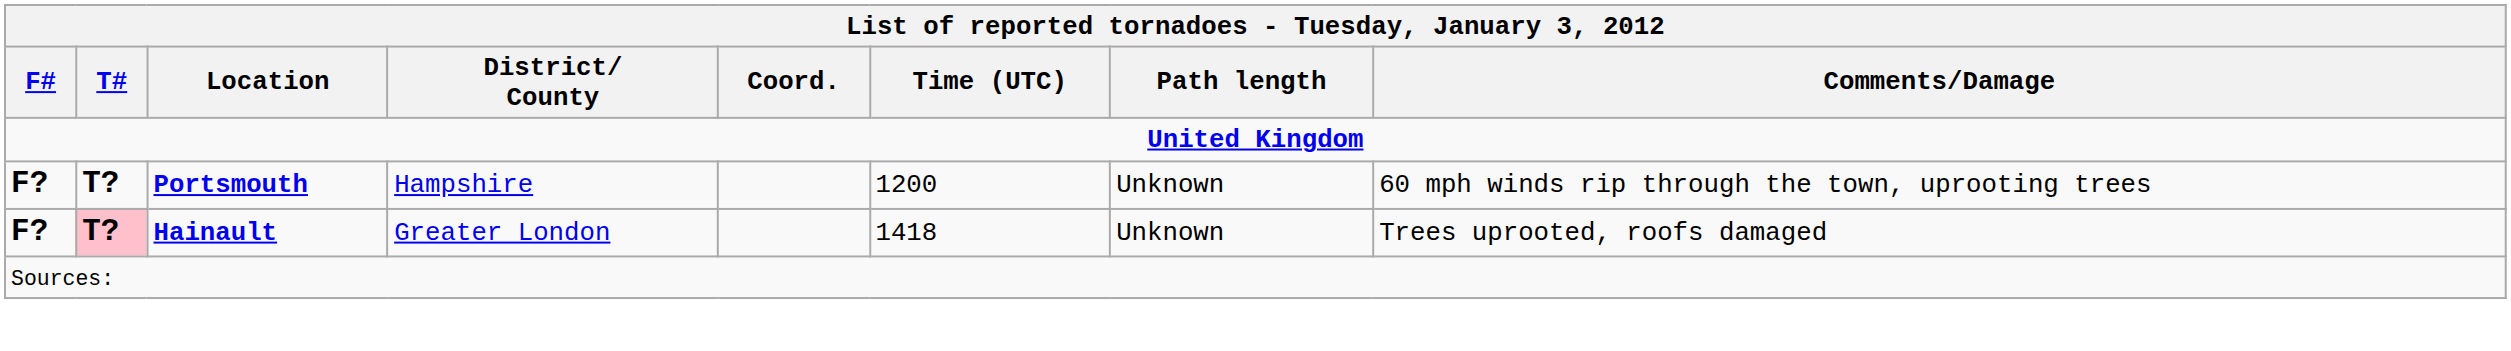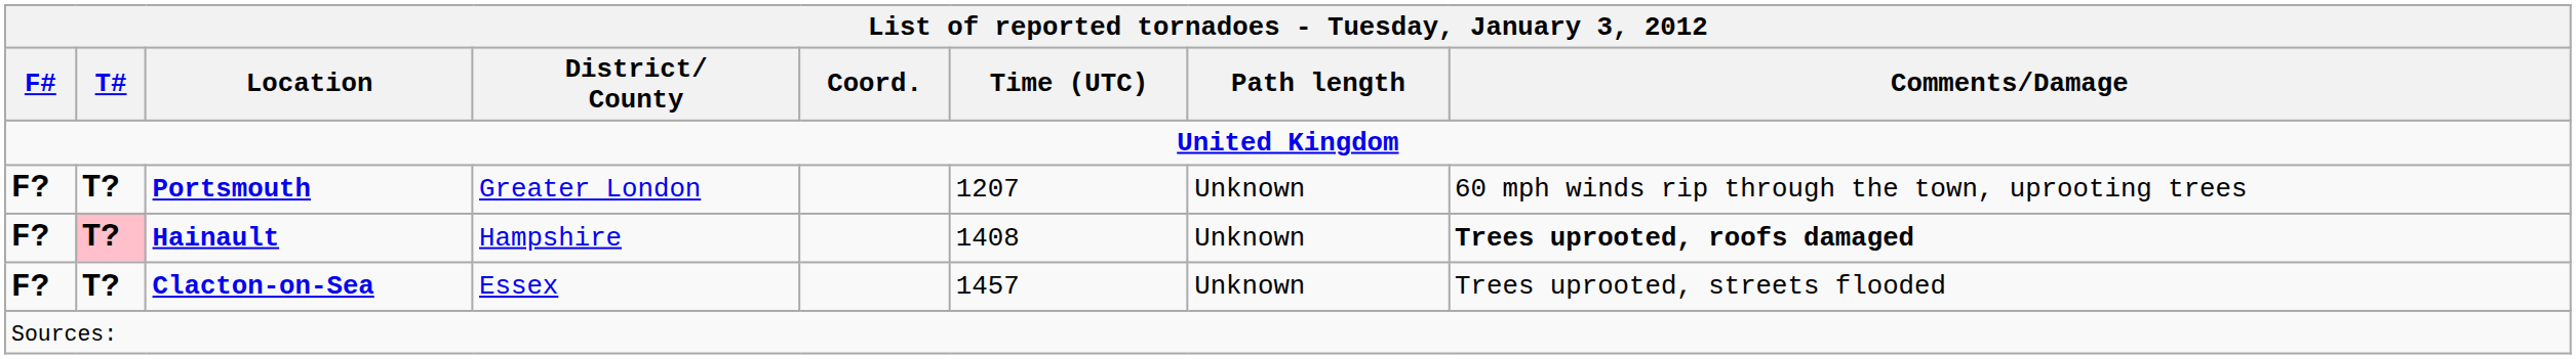 <table class="wikitable collapsible" width="100%">
 <tr>
 <th colspan="8">List of reported tornadoes - Tuesday, January 3, 2012</th>
 </tr>
 <tr>
 <th><a href='#'>F#</a></th>
 <th><a href='#'>T#</a></th>
 <th>Location</th>
 <th>District/<br>County</th>
 <th>Coord.</th>
 <th>Time (UTC)</th>
 <th>Path length</th>
 <th>Comments/Damage</th>
 </tr>
 <tr>
 <td colspan="8" align=center><strong><a href='#'>United Kingdom</a></strong></td>
 </tr>
 <tr>
 <td><big><strong>F?</strong></big></td>
 <td><big><strong>T?</strong></big></td>
 <td><strong><a href='#'>Portsmouth</a></strong></td>
-<td><a href='#'>Hampshire</a></td>
+<td><a href='#'>Greater London</a></td>
 <td></td>
-<td>1200</td>
+<td>1207</td>
 <td>Unknown</td>
 <td>60 mph winds rip through the town, uprooting trees</td>
 </tr>
 <tr>
 <td><big><strong>F?</strong></big></td>
 <td style="background: pink;"><big><strong>T?</strong></big></td>
 <td><strong><a href='#'>Hainault</a></strong></td>
-<td><a href='#'>Greater London</a></td>
+<td><a href='#'>Hampshire</a></td>
 <td></td>
-<td>1418</td>
+<td>1408</td>
 <td>Unknown</td>
-<td>Trees uprooted, roofs damaged</td>
+<td><strong>Trees uprooted, roofs damaged</strong></td>
+</tr>
+<tr>
+<td><big><strong>F?</strong></big></td>
+<td><big><strong>T?</strong></big></td>
+<td><strong><a href='#'>Clacton-on-Sea</a></strong></td>
+<td><a href='#'>Essex</a></td>
+<td></td>
+<td>1457</td>
+<td>Unknown</td>
+<td>Trees uprooted, streets flooded</td>
 </tr>
 <tr>
 <td colspan="8"><small>Sources:  </small></td>
 </tr>
 </table>
